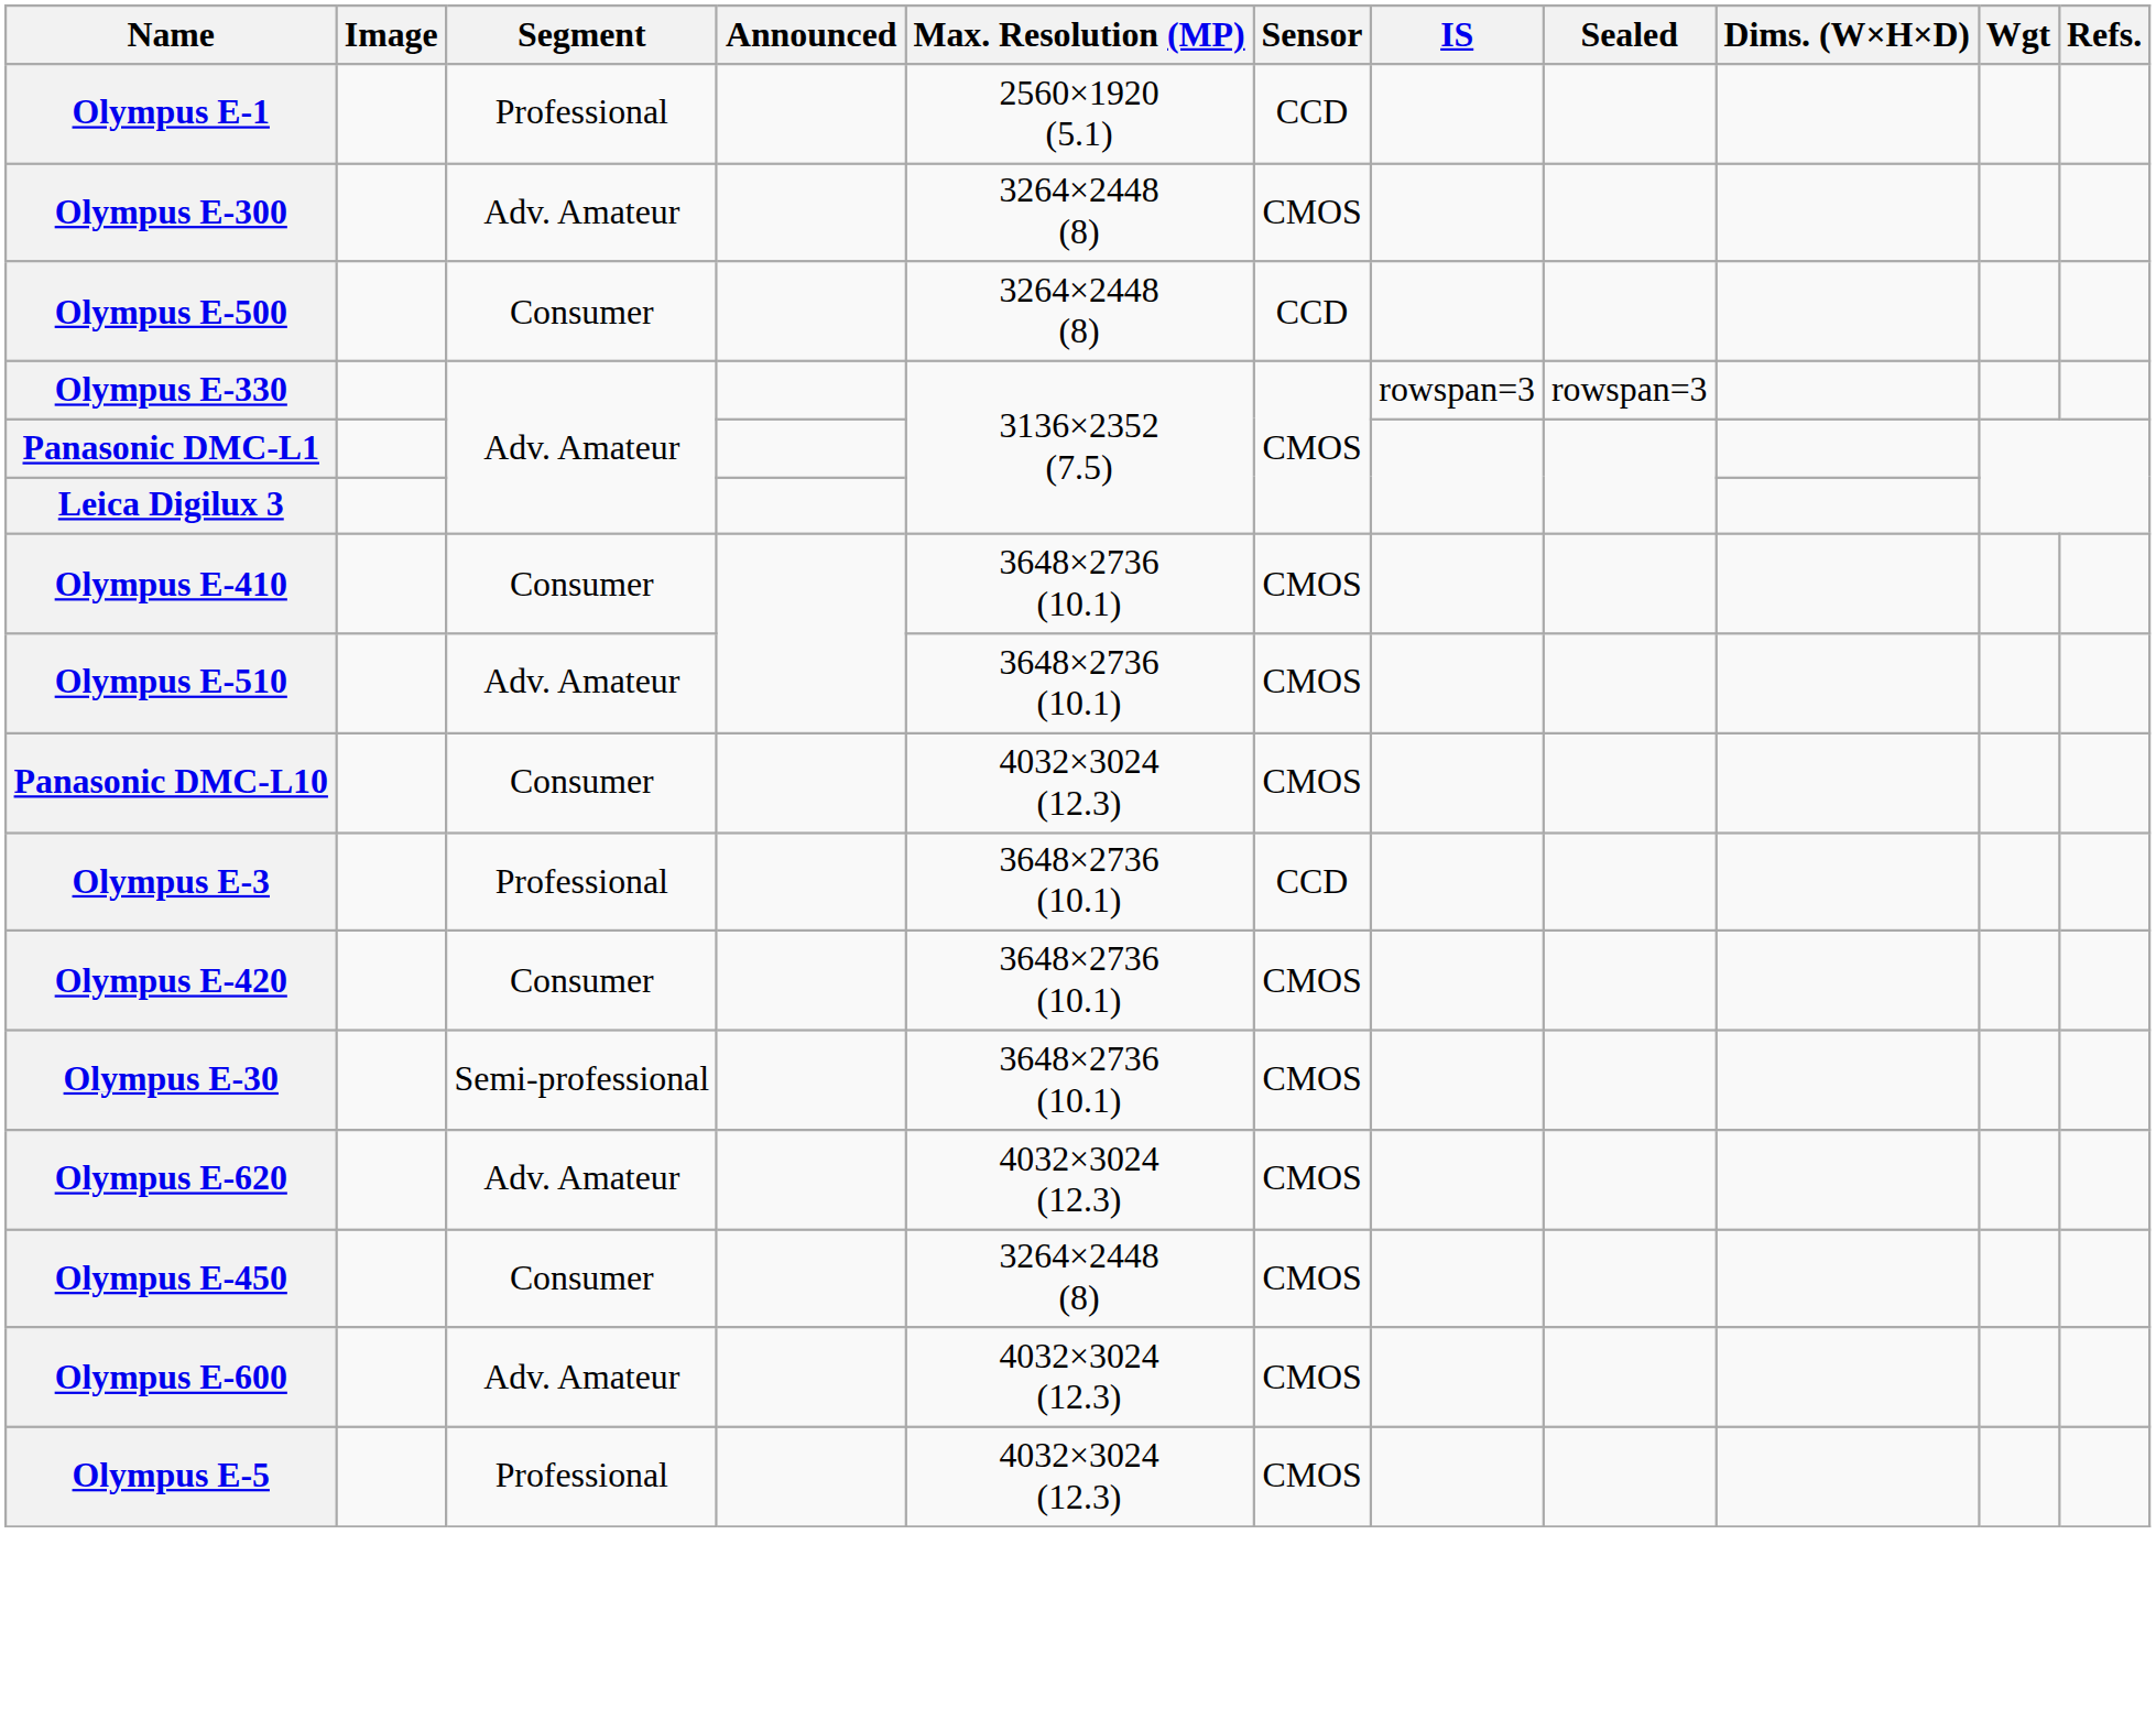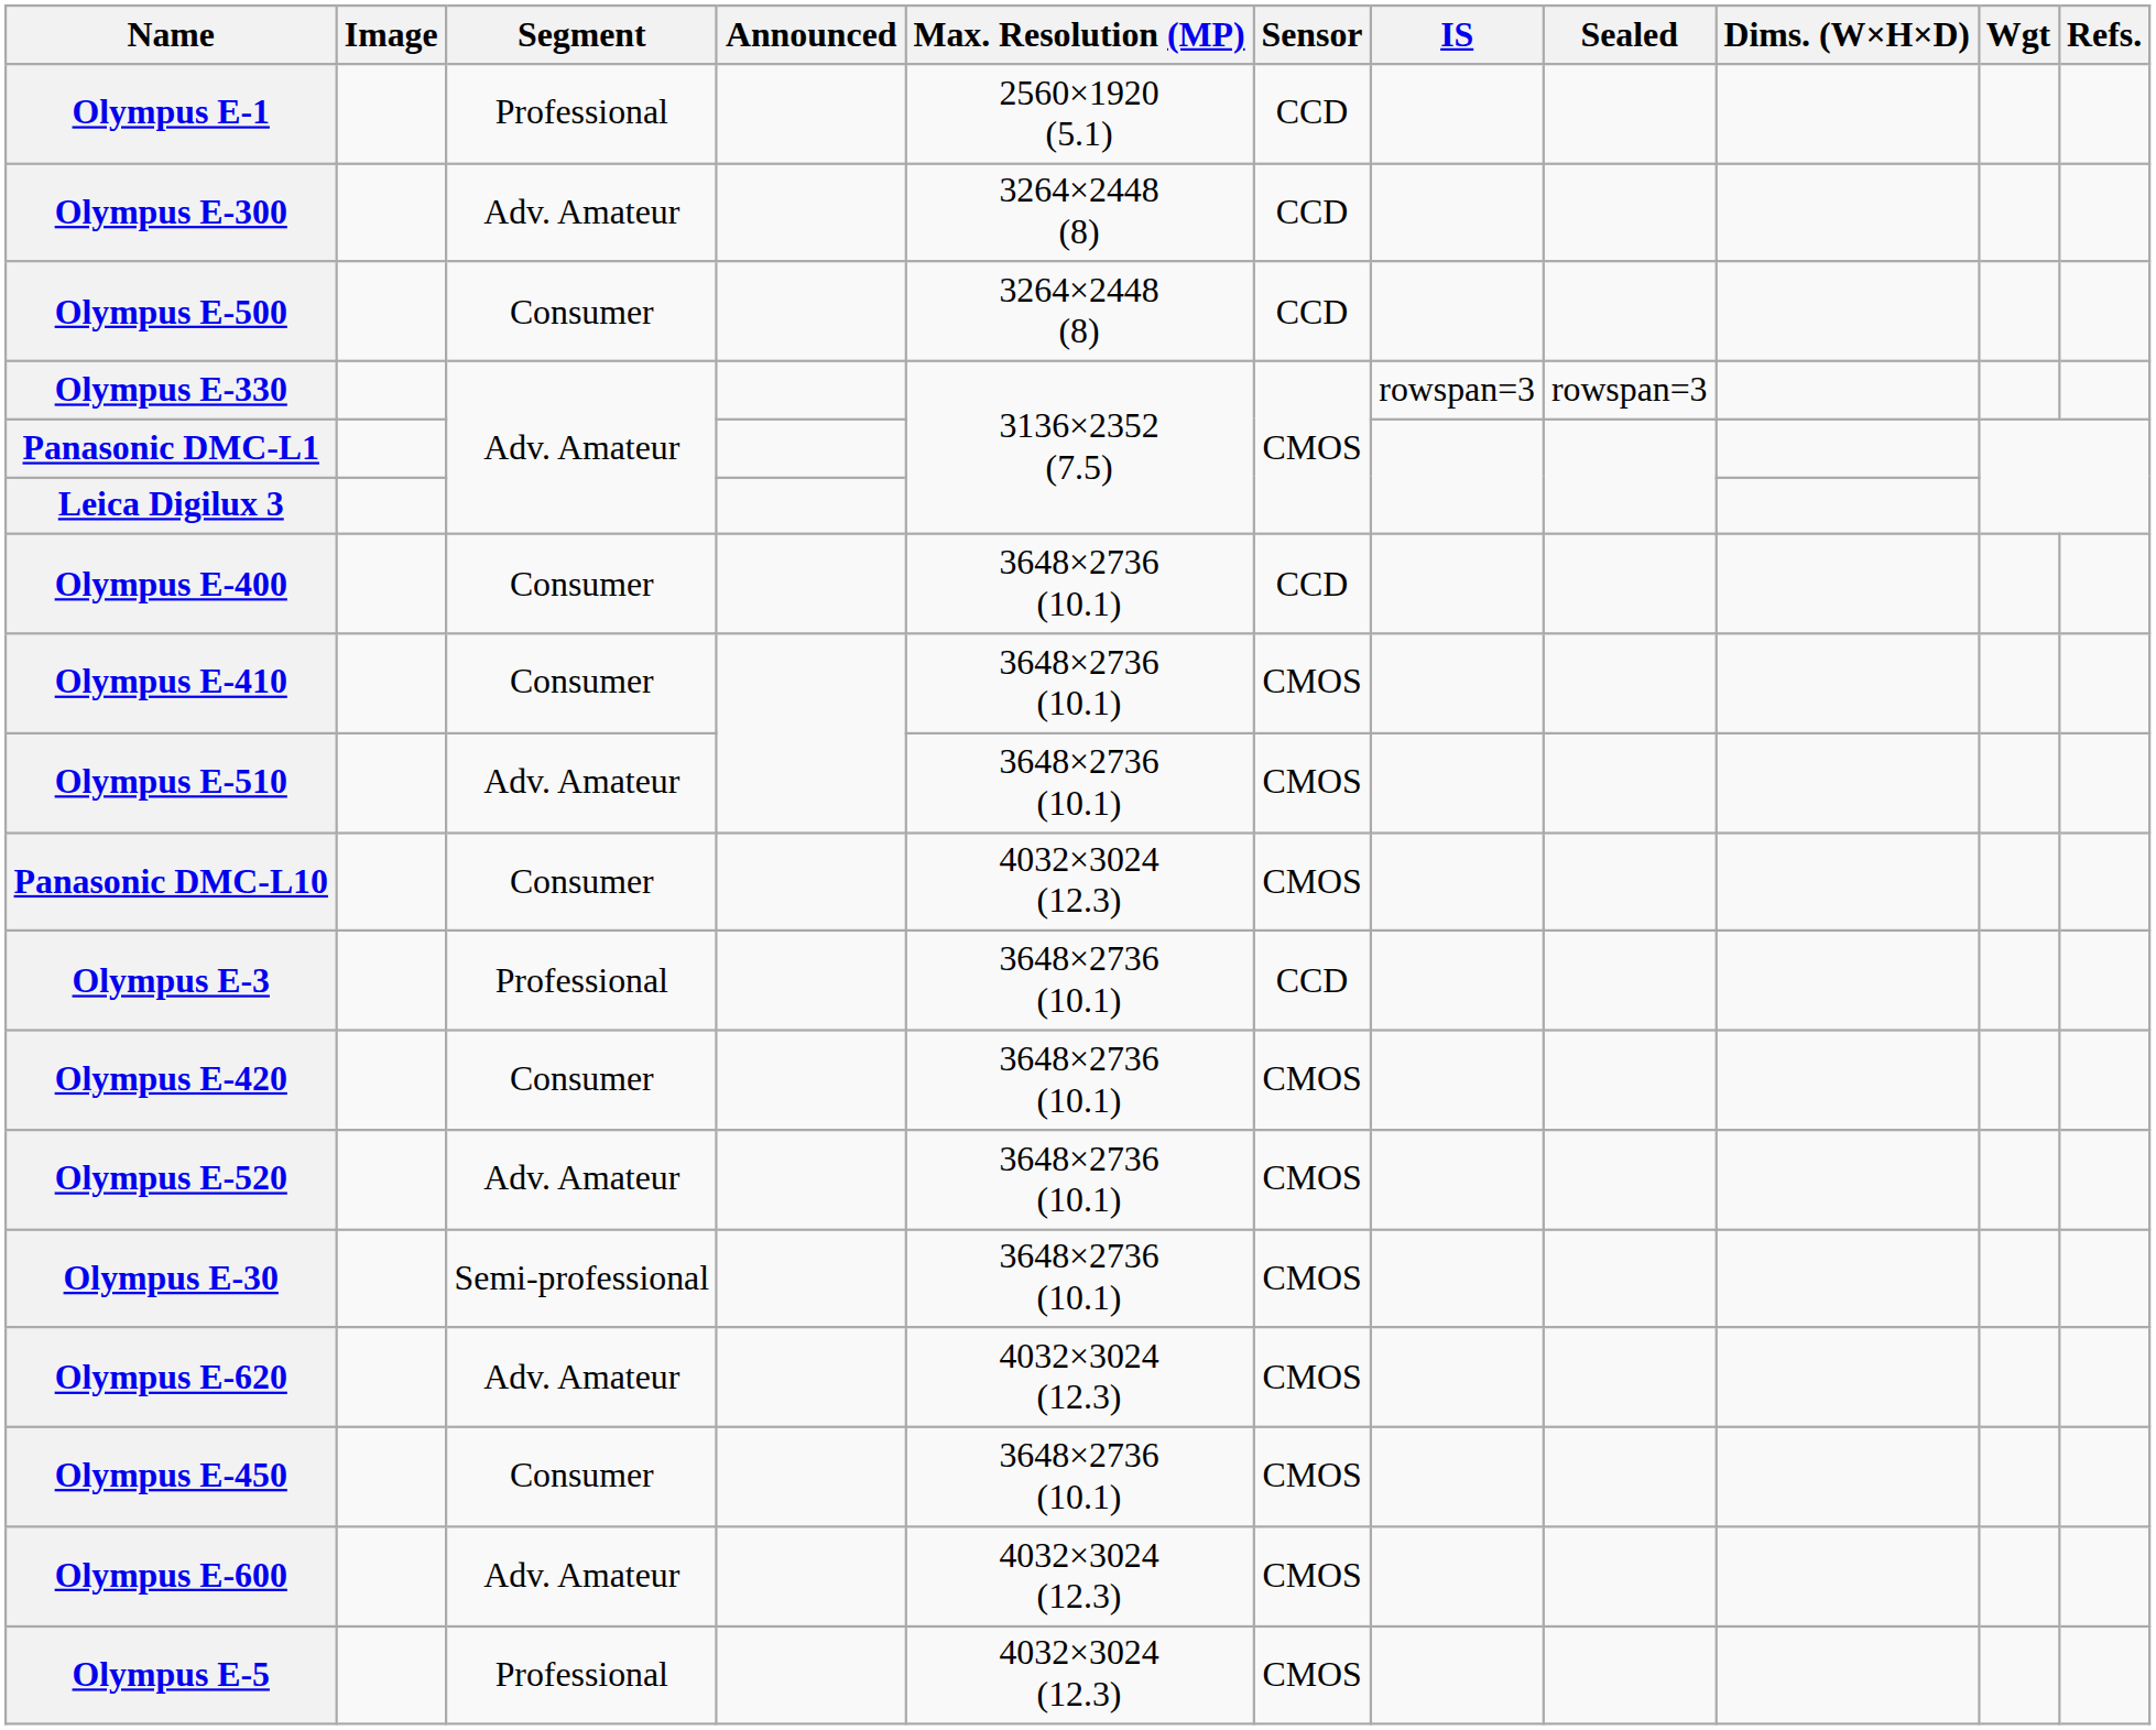 <table class="wikitable sortable" style="font-size:90%;text-align:center;">
 <tr>
 <th>Name</th>
 <th class="unsortable">Image</th>
 <th>Segment</th>
 <th>Announced</th>
 <th>Max. Resolution <a href='#'>(MP)</a></th>
 <th>Sensor</th>
 <th><a href='#'>IS</a></th>
 <th>Sealed</th>
 <th>Dims. (W×H×D)</th>
 <th>Wgt</th>
 <th class="unsortable">Refs.</th>
 </tr>
 <tr>
 <th><a href='#'>Olympus E-1</a></th>
 <td></td>
 <td>Professional</td>
 <td></td>
 <td>2560×1920<br>(5.1)</td>
 <td>CCD</td>
 <td></td>
 <td></td>
 <td></td>
 <td></td>
 <td></td>
 </tr>
 <tr>
 <th><a href='#'>Olympus E-300</a></th>
 <td></td>
 <td>Adv. Amateur</td>
 <td></td>
 <td>3264×2448<br>(8)</td>
-<td>CMOS</td>
+<td>CCD</td>
 <td></td>
 <td></td>
 <td></td>
 <td></td>
 <td></td>
 </tr>
 <tr>
 <th><a href='#'>Olympus E-500</a></th>
 <td></td>
 <td>Consumer</td>
 <td></td>
 <td>3264×2448<br>(8)</td>
 <td>CCD</td>
 <td></td>
 <td></td>
 <td></td>
 <td></td>
 <td></td>
 </tr>
 <tr>
 <th><a href='#'>Olympus E-330</a></th>
 <td></td>
 <td rowspan=3>Adv. Amateur</td>
 <td></td>
 <td rowspan=3>3136×2352<br>(7.5)</td>
 <td rowspan=3>CMOS</td>
 <td>rowspan=3 </td>
 <td>rowspan=3 </td>
 <td></td>
 <td></td>
 <td></td>
 </tr>
 <tr>
 <th><a href='#'>Panasonic DMC-L1</a></th>
 <td></td>
 <td></td>
 <td rowspan=2></td>
 <td rowspan=2></td>
 <td></td>
 </tr>
 <tr>
 <th><a href='#'>Leica Digilux 3</a></th>
+<td></td>
+<td></td>
+<td></td>
+</tr>
+<tr>
+<th><a href='#'>Olympus E-400</a></th>
+<td></td>
+<td>Consumer</td>
+<td></td>
+<td>3648×2736<br>(10.1)</td>
+<td>CCD</td>
+<td></td>
+<td></td>
 <td></td>
 <td></td>
 <td></td>
 </tr>
 <tr>
 <th><a href='#'>Olympus E-410</a></th>
 <td></td>
 <td>Consumer</td>
 <td rowspan=2></td>
 <td>3648×2736<br>(10.1)</td>
 <td>CMOS</td>
 <td></td>
 <td></td>
 <td></td>
 <td></td>
 <td></td>
 </tr>
 <tr>
 <th><a href='#'>Olympus E-510</a></th>
 <td></td>
 <td>Adv. Amateur</td>
 <td>3648×2736<br>(10.1)</td>
 <td>CMOS</td>
 <td></td>
 <td></td>
 <td></td>
 <td></td>
 <td></td>
 </tr>
 <tr>
 <th><a href='#'>Panasonic DMC-L10</a></th>
 <td></td>
 <td>Consumer</td>
 <td></td>
 <td>4032×3024<br>(12.3)</td>
 <td>CMOS</td>
 <td></td>
 <td></td>
 <td></td>
 <td></td>
 <td></td>
 </tr>
 <tr>
 <th><a href='#'>Olympus E-3</a></th>
 <td></td>
 <td>Professional</td>
 <td></td>
 <td>3648×2736<br>(10.1)</td>
 <td>CCD</td>
 <td></td>
 <td></td>
 <td></td>
 <td></td>
 <td></td>
 </tr>
 <tr>
 <th><a href='#'>Olympus E-420</a></th>
 <td></td>
 <td>Consumer</td>
 <td></td>
 <td>3648×2736<br>(10.1)</td>
 <td>CMOS</td>
 <td></td>
 <td></td>
 <td></td>
 <td></td>
 <td></td>
 </tr>
 <tr>
+<th><a href='#'>Olympus E-520</a></th>
+<td></td>
+<td>Adv. Amateur</td>
+<td></td>
+<td>3648×2736<br>(10.1)</td>
+<td>CMOS</td>
+<td></td>
+<td></td>
+<td></td>
+<td></td>
+<td></td>
+</tr>
+<tr>
 <th><a href='#'>Olympus E-30</a></th>
 <td></td>
 <td>Semi-professional</td>
 <td></td>
 <td>3648×2736<br>(10.1)</td>
 <td>CMOS</td>
 <td></td>
 <td></td>
 <td></td>
 <td></td>
 <td></td>
 </tr>
 <tr>
 <th><a href='#'>Olympus E-620</a></th>
 <td></td>
 <td>Adv. Amateur</td>
 <td></td>
 <td>4032×3024<br>(12.3)</td>
 <td>CMOS</td>
 <td></td>
 <td></td>
 <td></td>
 <td></td>
 <td></td>
 </tr>
 <tr>
 <th><a href='#'>Olympus E-450</a></th>
 <td></td>
 <td>Consumer</td>
 <td></td>
-<td>3264×2448<br>(8)</td>
+<td>3648×2736<br>(10.1)</td>
 <td>CMOS</td>
 <td></td>
 <td></td>
 <td></td>
 <td></td>
 <td></td>
 </tr>
 <tr>
 <th><a href='#'>Olympus E-600</a></th>
 <td></td>
 <td>Adv. Amateur</td>
 <td></td>
 <td>4032×3024<br>(12.3)</td>
 <td>CMOS</td>
 <td></td>
 <td></td>
 <td></td>
 <td></td>
 <td></td>
 </tr>
 <tr>
 <th><a href='#'>Olympus E-5</a></th>
 <td></td>
 <td>Professional</td>
 <td></td>
 <td>4032×3024<br>(12.3)</td>
 <td>CMOS</td>
 <td></td>
 <td></td>
 <td></td>
 <td></td>
 <td></td>
 </tr>
 </table>
